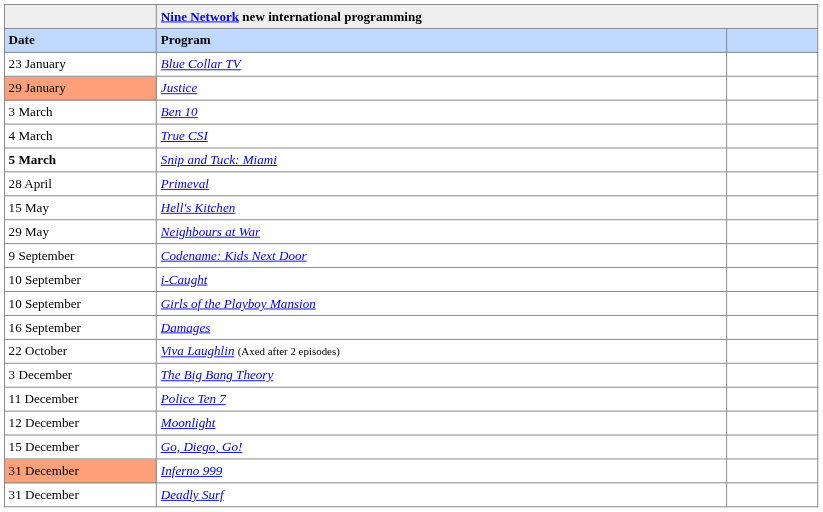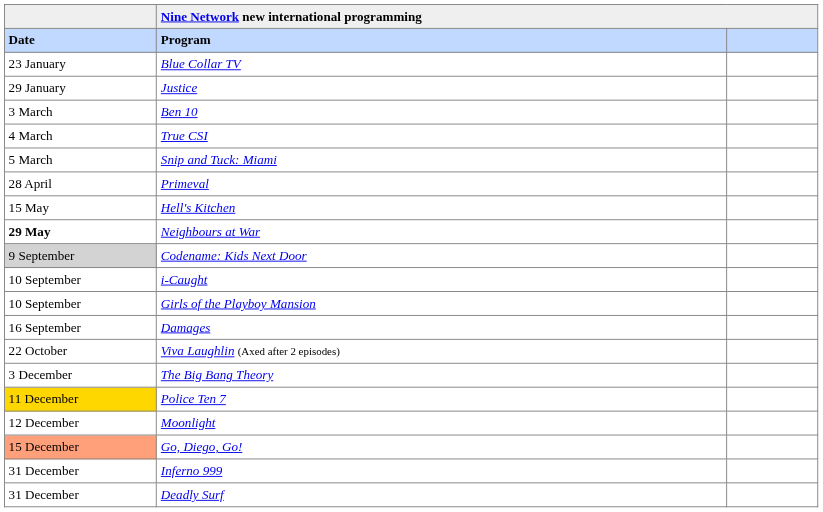 <table border="1" cellpadding="4" cellspacing="0" style="text-align:left; font-size:89%; border-collapse:collapse;" width=70%>
 <tr style="background-color:#efefef;">
 <td colspan=1></td>
 <td colspan=3><strong><a href='#'>Nine Network</a> new international programming</strong></td>
 </tr>
 <tr style="background:#C1D8FF;">
 <th width=6%>Date</th>
 <th width=25%>Program</th>
 <th width=4%></th>
 </tr>
 <tr>
 <td>23 January</td>
 <td> <em><a href='#'>Blue Collar TV</a></em></td>
 <td></td>
 </tr>
 <tr>
-<td style="background: lightsalmon;">29 January</td>
+<td>29 January</td>
 <td> <em><a href='#'>Justice</a></em></td>
 <td></td>
 </tr>
 <tr>
 <td>3 March</td>
 <td> <em><a href='#'>Ben 10</a></em></td>
 <td></td>
 </tr>
 <tr>
 <td>4 March</td>
 <td> <em><a href='#'>True CSI</a></em></td>
 <td></td>
 </tr>
 <tr>
-<td><strong>5 March</strong></td>
+<td>5 March</td>
 <td> <em><a href='#'>Snip and Tuck: Miami</a></em></td>
 <td></td>
 </tr>
 <tr>
 <td>28 April</td>
 <td> <em><a href='#'>Primeval</a></em></td>
 <td></td>
 </tr>
 <tr>
 <td>15 May</td>
 <td> <em><a href='#'>Hell's Kitchen</a></em></td>
 <td></td>
 </tr>
 <tr>
-<td>29 May</td>
+<td><strong>29 May</strong></td>
 <td> <em><a href='#'>Neighbours at War</a></em></td>
 <td></td>
 </tr>
 <tr>
-<td>9 September</td>
+<td style="background: lightgrey;">9 September</td>
 <td> <em><a href='#'>Codename: Kids Next Door</a></em></td>
 <td></td>
 </tr>
 <tr>
 <td>10 September</td>
 <td> <em><a href='#'>i-Caught</a></em></td>
 <td></td>
 </tr>
 <tr>
 <td>10 September</td>
 <td> <em><a href='#'>Girls of the Playboy Mansion</a></em></td>
 <td></td>
 </tr>
 <tr>
 <td>16 September</td>
 <td> <em><a href='#'>Damages</a></em></td>
 <td></td>
 </tr>
 <tr>
 <td>22 October</td>
 <td> <em><a href='#'>Viva Laughlin</a></em> <small>(Axed after 2 episodes)</small></td>
 <td></td>
 </tr>
 <tr>
 <td>3 December</td>
 <td> <em><a href='#'>The Big Bang Theory</a></em></td>
 <td></td>
 </tr>
 <tr>
-<td>11 December</td>
+<td style="background: gold;">11 December</td>
 <td> <em><a href='#'>Police Ten 7</a></em></td>
 <td></td>
 </tr>
 <tr>
 <td>12 December</td>
 <td> <em><a href='#'>Moonlight</a></em></td>
 <td></td>
 </tr>
 <tr>
-<td>15 December</td>
+<td style="background: lightsalmon;">15 December</td>
 <td> <em><a href='#'>Go, Diego, Go!</a></em></td>
 <td></td>
 </tr>
 <tr>
-<td style="background: lightsalmon;">31 December</td>
+<td>31 December</td>
 <td> <em><a href='#'>Inferno 999</a></em></td>
 <td></td>
 </tr>
 <tr>
 <td>31 December</td>
 <td> <em><a href='#'>Deadly Surf</a></em></td>
 <td></td>
 </tr>
 </table>
